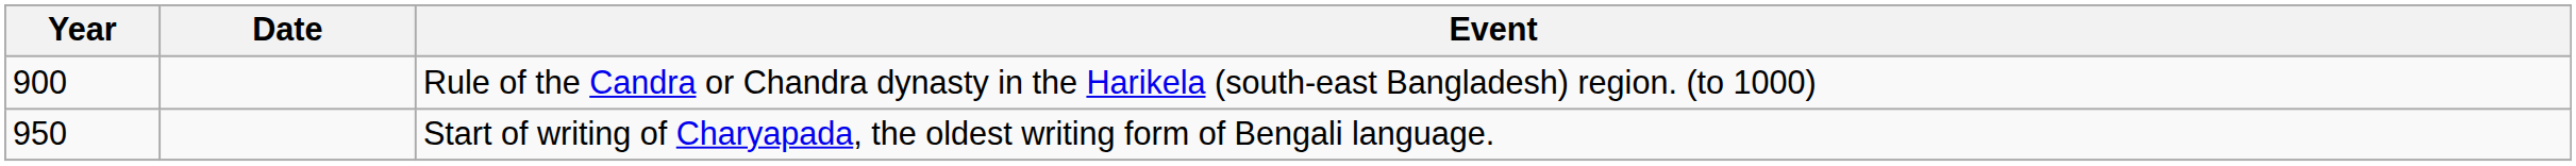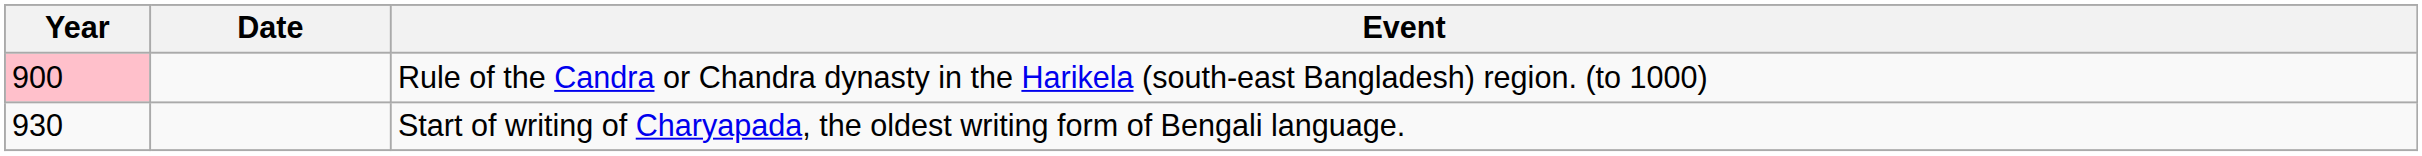 <table class="wikitable" width="100%">
 <tr>
 <th style="width:6%">Year</th>
 <th style="width:10%">Date</th>
 <th>Event</th>
 </tr>
 <tr>
-<td>900</td>
+<td style="background: pink;">900</td>
 <td></td>
 <td>Rule of the <a href='#'>Candra</a> or Chandra dynasty in the <a href='#'>Harikela</a> (south-east Bangladesh) region. (to 1000)</td>
 </tr>
 <tr>
-<td>950</td>
+<td>930</td>
 <td></td>
 <td>Start of writing of <a href='#'>Charyapada</a>, the oldest writing form of Bengali language.</td>
 </tr>
 </table>
